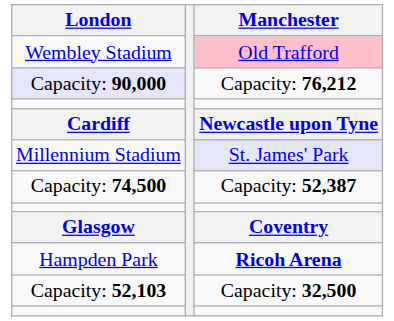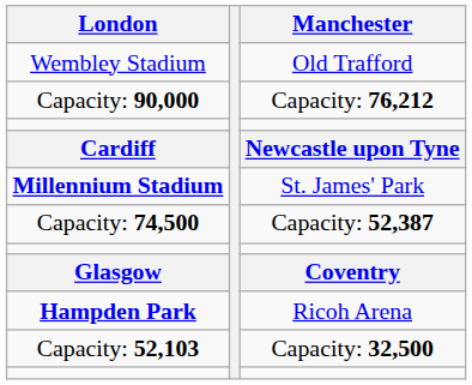 <table class="wikitable" style="margin:1em auto;text-align:center">
 <tr>
 <th><a href='#'>London</a></th>
 <th rowspan=12 colspan=2></th>
 <th><a href='#'>Manchester</a></th>
 </tr>
 <tr>
 <td><a href='#'>Wembley Stadium</a></td>
-<td style="background: pink;"><a href='#'>Old Trafford</a></td>
+<td><a href='#'>Old Trafford</a></td>
 </tr>
 <tr>
-<td style="background: lavender;">Capacity: <strong>90,000</strong></td>
+<td>Capacity: <strong>90,000</strong></td>
 <td>Capacity: <strong>76,212</strong></td>
 </tr>
 <tr>
 <td></td>
 <td></td>
 </tr>
 <tr>
 <th><a href='#'>Cardiff</a></th>
 <th><a href='#'>Newcastle upon Tyne</a></th>
 </tr>
 <tr>
-<td><a href='#'>Millennium Stadium</a></td>
-<td style="background: lavender;"><a href='#'>St. James' Park</a></td>
+<td><strong><a href='#'>Millennium Stadium</a></strong></td>
+<td><a href='#'>St. James' Park</a></td>
 </tr>
 <tr>
 <td>Capacity: <strong>74,500</strong></td>
 <td>Capacity: <strong>52,387</strong></td>
 </tr>
 <tr>
 <td></td>
 <td></td>
 </tr>
 <tr>
 <th><a href='#'>Glasgow</a></th>
 <th><a href='#'>Coventry</a></th>
 </tr>
 <tr>
-<td><a href='#'>Hampden Park</a></td>
-<td><strong><a href='#'>Ricoh Arena</a></strong></td>
+<td><strong><a href='#'>Hampden Park</a></strong></td>
+<td><a href='#'>Ricoh Arena</a></td>
 </tr>
 <tr>
 <td>Capacity: <strong>52,103</strong></td>
 <td>Capacity: <strong>32,500</strong></td>
 </tr>
 <tr>
 <td></td>
 <td></td>
 </tr>
 </table>
